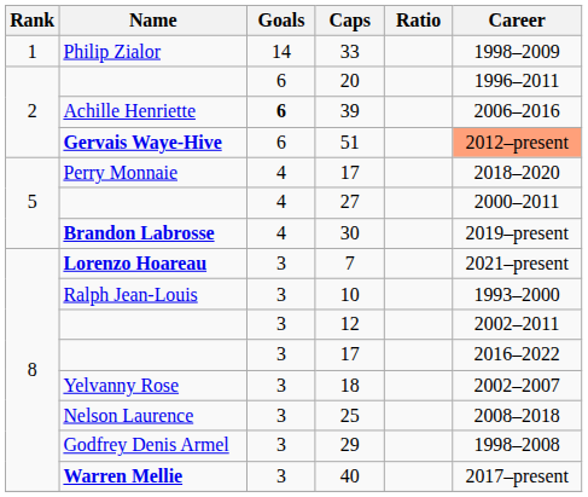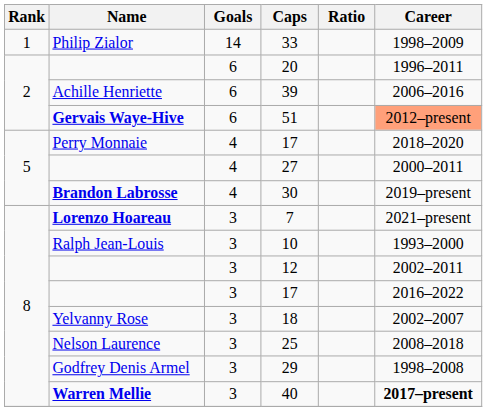 <table class="wikitable sortable"  style="text-align:center;">
 <tr>
 <th width="30">Rank</th>
 <th style="width:150px;">Name</th>
 <th width="50">Goals</th>
 <th width="50">Caps</th>
 <th width="50">Ratio</th>
 <th style="width:100px;">Career</th>
 </tr>
 <tr>
 <td>1</td>
 <td style="text-align: left;"><a href='#'>Philip Zialor</a></td>
 <td>14</td>
 <td>33</td>
 <td></td>
 <td>1998–2009</td>
 </tr>
 <tr>
 <td rowspan=3>2</td>
 <td style="text-align: left;"></td>
 <td>6</td>
 <td>20</td>
 <td></td>
 <td>1996–2011</td>
 </tr>
 <tr>
 <td style="text-align: left;"><a href='#'>Achille Henriette</a></td>
-<td><strong>6</strong></td>
+<td>6</td>
 <td>39</td>
 <td></td>
 <td>2006–2016</td>
 </tr>
 <tr>
 <td style="text-align: left;"><strong><a href='#'>Gervais Waye-Hive</a></strong></td>
 <td>6</td>
 <td>51</td>
 <td></td>
 <td style="background: lightsalmon;">2012–present</td>
 </tr>
 <tr>
 <td rowspan=3>5</td>
 <td style="text-align: left;"><a href='#'>Perry Monnaie</a></td>
 <td>4</td>
 <td>17</td>
 <td></td>
 <td>2018–2020</td>
 </tr>
 <tr>
 <td style="text-align: left;"></td>
 <td>4</td>
 <td>27</td>
 <td></td>
 <td>2000–2011</td>
 </tr>
 <tr>
 <td style="text-align: left;"><strong><a href='#'>Brandon Labrosse</a></strong></td>
 <td>4</td>
 <td>30</td>
 <td></td>
 <td>2019–present</td>
 </tr>
 <tr>
 <td rowspan=8>8</td>
 <td style="text-align: left;"><strong><a href='#'>Lorenzo Hoareau</a></strong></td>
 <td>3</td>
 <td>7</td>
 <td></td>
 <td>2021–present</td>
 </tr>
 <tr>
 <td style="text-align: left;"><a href='#'>Ralph Jean-Louis</a></td>
 <td>3</td>
 <td>10</td>
 <td></td>
 <td>1993–2000</td>
 </tr>
 <tr>
 <td style="text-align: left;"></td>
 <td>3</td>
 <td>12</td>
 <td></td>
 <td>2002–2011</td>
 </tr>
 <tr>
 <td style="text-align: left;"></td>
 <td>3</td>
 <td>17</td>
 <td></td>
 <td>2016–2022</td>
 </tr>
 <tr>
 <td style="text-align: left;"><a href='#'>Yelvanny Rose</a></td>
 <td>3</td>
 <td>18</td>
 <td></td>
 <td>2002–2007</td>
 </tr>
 <tr>
 <td style="text-align: left;"><a href='#'>Nelson Laurence</a></td>
 <td>3</td>
 <td>25</td>
 <td></td>
 <td>2008–2018</td>
 </tr>
 <tr>
 <td style="text-align: left;"><a href='#'>Godfrey Denis Armel</a></td>
 <td>3</td>
 <td>29</td>
 <td></td>
 <td>1998–2008</td>
 </tr>
 <tr>
 <td style="text-align: left;"><strong><a href='#'>Warren Mellie</a></strong></td>
 <td>3</td>
 <td>40</td>
 <td></td>
-<td>2017–present</td>
+<td><strong>2017–present</strong></td>
 </tr>
 <tr>
 </tr>
 </table>
